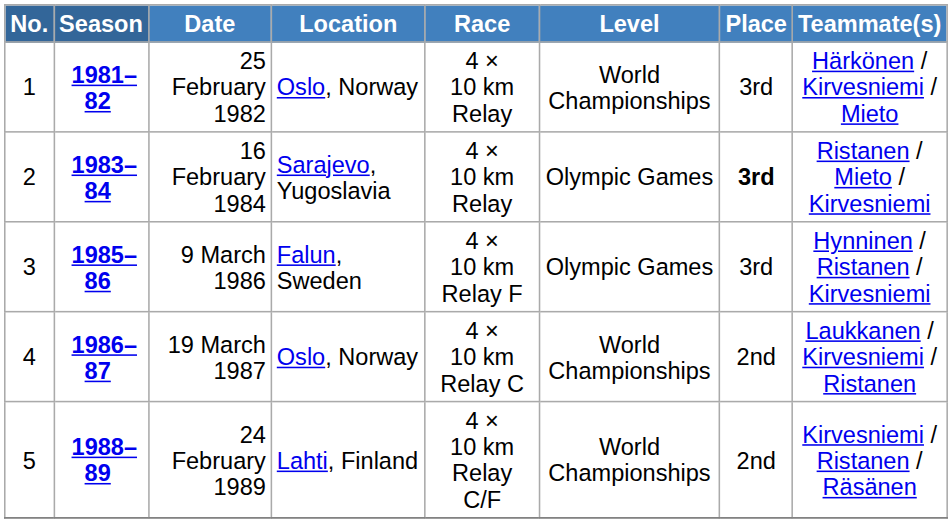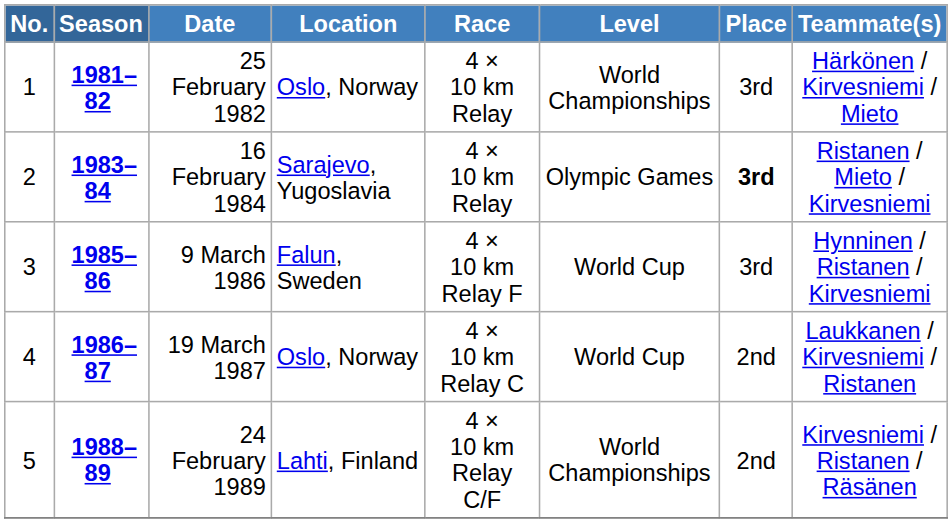 <table class="wikitable sortable" style="font-size:95%; text-align:center; border:grey solid 1px; border-collapse:collapse; background:#ffffff;">
 <tr style="background:#efefef;">
 <th style="background-color:#369; color:white;">No.</th>
 <th style="background-color:#369; color:white;">Season</th>
 <th style="background-color:#4180be; color:white; width:120px;">Date</th>
 <th style="background-color:#4180be; color:white; width:170px;">Location</th>
 <th style="background-color:#4180be; color:white; width:170px;">Race</th>
 <th style="background-color:#4180be; color:white; width:130px;">Level</th>
 <th style="background-color:#4180be; color:white;">Place</th>
 <th style="background-color:#4180be; color:white;">Teammate(s)</th>
 </tr>
 <tr>
 <td align=center>1</td>
 <td rowspan=1 align=center><strong> <a href='#'>1981–82</a> </strong></td>
 <td align=right>25 February 1982</td>
 <td align=left> <a href='#'>Oslo</a>, Norway</td>
 <td>4 × 10 km Relay</td>
 <td>World Championships</td>
 <td>3rd</td>
 <td><a href='#'>Härkönen</a> / <a href='#'>Kirvesniemi</a> / <a href='#'>Mieto</a></td>
 </tr>
 <tr>
 <td align=center>2</td>
 <td rowspan=1 align=center><strong> <a href='#'>1983–84</a> </strong></td>
 <td align=right>16 February 1984</td>
 <td align=left> <a href='#'>Sarajevo</a>, Yugoslavia</td>
 <td>4 × 10 km Relay</td>
 <td>Olympic Games</td>
 <td><strong>3rd</strong></td>
 <td><a href='#'>Ristanen</a> / <a href='#'>Mieto</a> / <a href='#'>Kirvesniemi</a></td>
 </tr>
 <tr>
 <td align=center>3</td>
 <td rowspan=1 align=center><strong> <a href='#'>1985–86</a> </strong></td>
 <td align=right>9 March 1986</td>
 <td align=left> <a href='#'>Falun</a>, Sweden</td>
 <td>4 × 10 km Relay F</td>
-<td>Olympic Games</td>
+<td>World Cup</td>
 <td>3rd</td>
 <td><a href='#'>Hynninen</a> / <a href='#'>Ristanen</a> / <a href='#'>Kirvesniemi</a></td>
 </tr>
 <tr>
 <td align=center>4</td>
 <td rowspan=1 align=center><strong> <a href='#'>1986–87</a> </strong></td>
 <td align=right>19 March 1987</td>
 <td align=left> <a href='#'>Oslo</a>, Norway</td>
 <td>4 × 10 km Relay C</td>
-<td>World Championships</td>
+<td>World Cup</td>
 <td>2nd</td>
 <td><a href='#'>Laukkanen</a> / <a href='#'>Kirvesniemi</a> / <a href='#'>Ristanen</a></td>
 </tr>
 <tr>
 <td align=center>5</td>
 <td rowspan=1 align=center><strong> <a href='#'>1988–89</a> </strong></td>
 <td align=right>24 February 1989</td>
 <td align=left> <a href='#'>Lahti</a>, Finland</td>
 <td>4 × 10 km Relay C/F</td>
 <td>World Championships</td>
 <td>2nd</td>
 <td><a href='#'>Kirvesniemi</a> / <a href='#'>Ristanen</a> / <a href='#'>Räsänen</a></td>
 </tr>
 <tr>
 </tr>
 </table>
